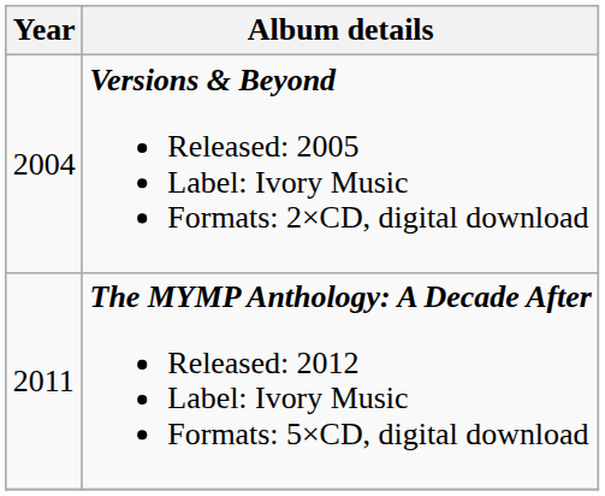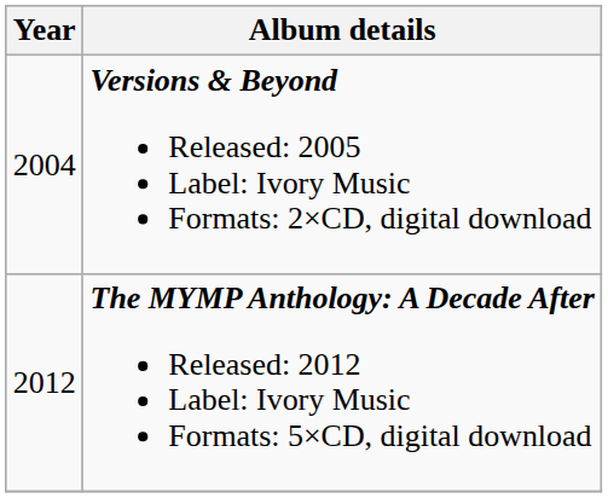 <table class="wikitable">
 <tr>
 <th>Year</th>
 <th>Album details</th>
 </tr>
 <tr>
 <td>2004</td>
 <td><strong><em>Versions & Beyond</em></strong><br><ul><li>Released: 2005</li><li>Label: Ivory Music</li><li>Formats: 2×CD, digital download</li></ul></td>
 </tr>
 <tr>
-<td>2011</td>
+<td>2012</td>
 <td><strong><em>The MYMP Anthology: A Decade After</em></strong><br><ul><li>Released: 2012</li><li>Label: Ivory Music</li><li>Formats: 5×CD, digital download</li></ul></td>
 </tr>
 <tr>
 </tr>
 </table>
